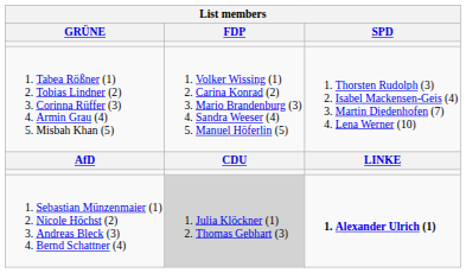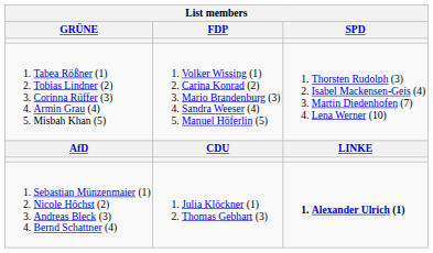 <table class=wikitable>
 <tr>
 <th colspan=3>List members</th>
 </tr>
 <tr>
 <th><a href='#'>GRÜNE</a></th>
 <th><a href='#'>FDP</a></th>
 <th><a href='#'>SPD</a></th>
 </tr>
 <tr>
 <td bgcolor=></td>
 <td bgcolor=></td>
 <td bgcolor=></td>
 </tr>
 <tr>
 <td><br><ol><li><a href='#'>Tabea Rößner</a> (1)</li><li><a href='#'>Tobias Lindner</a> (2)</li><li><a href='#'>Corinna Rüffer</a> (3)</li><li><a href='#'>Armin Grau</a> (4)</li><li>Misbah Khan (5)</li></ol></td>
 <td><br><ol><li><a href='#'>Volker Wissing</a> (1)</li><li><a href='#'>Carina Konrad</a> (2)</li><li><a href='#'>Mario Brandenburg</a> (3)</li><li><a href='#'>Sandra Weeser</a> (4)</li><li><a href='#'>Manuel Höferlin</a> (5)</li></ol></td>
 <td><br><ol><li><a href='#'>Thorsten Rudolph</a> (3)</li><li><a href='#'>Isabel Mackensen-Geis</a> (4)</li><li><a href='#'>Martin Diedenhofen</a> (7)</li><li><a href='#'>Lena Werner</a> (10)</li></ol></td>
 </tr>
 <tr>
 <th><a href='#'>AfD</a></th>
 <th><a href='#'>CDU</a></th>
 <th><a href='#'>LINKE</a></th>
 </tr>
 <tr>
 <td bgcolor=></td>
 <td bgcolor=></td>
 <td bgcolor=></td>
 </tr>
 <tr>
 <td><br><ol><li><a href='#'>Sebastian Münzenmaier</a> (1)</li><li><a href='#'>Nicole Höchst</a> (2)</li><li><a href='#'>Andreas Bleck</a> (3)</li><li><a href='#'>Bernd Schattner</a> (4)</li></ol></td>
-<td style="background: lightgrey;"><br><ol><li><a href='#'>Julia Klöckner</a> (1)</li><li><a href='#'>Thomas Gebhart</a> (3)</li></ol></td>
+<td><br><ol><li><a href='#'>Julia Klöckner</a> (1)</li><li><a href='#'>Thomas Gebhart</a> (3)</li></ol></td>
 <td><strong><br><ol><li><a href='#'>Alexander Ulrich</a> (1)</li></ol></strong></td>
 </tr>
 </table>
